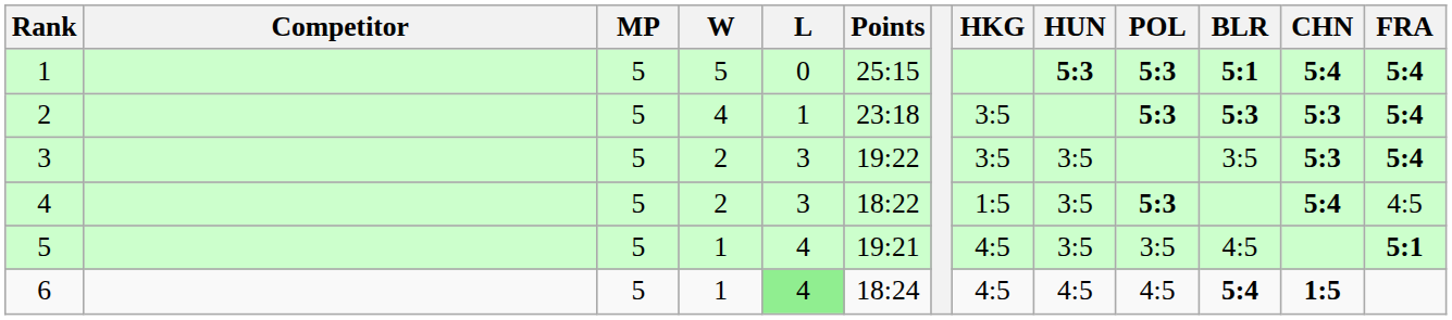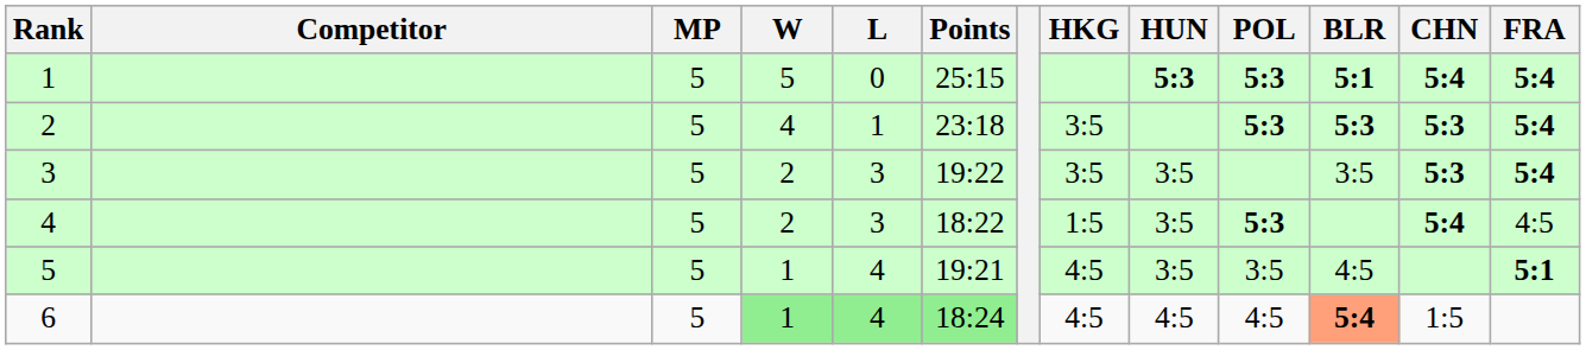 <table class="wikitable" style="text-align:center">
 <tr>
 <th>Rank</th>
 <th style="width:18em">Competitor</th>
 <th style="width:2.5em">MP</th>
 <th style="width:2.5em">W</th>
 <th style="width:2.5em">L</th>
 <th>Points</th>
 <th rowspan="7"> </th>
 <th style="width:2.5em">HKG</th>
 <th style="width:2.5em">HUN</th>
 <th style="width:2.5em">POL</th>
 <th style="width:2.5em">BLR</th>
 <th style="width:2.5em">CHN</th>
 <th style="width:2.5em">FRA</th>
 </tr>
 <tr style="background:#cfc;">
 <td>1</td>
 <td style="text-align:left"></td>
 <td>5</td>
 <td>5</td>
 <td>0</td>
 <td>25:15</td>
 <td></td>
 <td><strong>5:3</strong></td>
 <td><strong>5:3</strong></td>
 <td><strong>5:1</strong></td>
 <td><strong>5:4</strong></td>
 <td><strong>5:4</strong></td>
 </tr>
 <tr style="background:#cfc;">
 <td>2</td>
 <td style="text-align:left"></td>
 <td>5</td>
 <td>4</td>
 <td>1</td>
 <td>23:18</td>
 <td>3:5</td>
 <td></td>
 <td><strong>5:3</strong></td>
 <td><strong>5:3</strong></td>
 <td><strong>5:3</strong></td>
 <td><strong>5:4</strong></td>
 </tr>
 <tr style="background:#cfc;">
 <td>3</td>
 <td style="text-align:left"></td>
 <td>5</td>
 <td>2</td>
 <td>3</td>
 <td>19:22</td>
 <td>3:5</td>
 <td>3:5</td>
 <td></td>
 <td>3:5</td>
 <td><strong>5:3</strong></td>
 <td><strong>5:4</strong></td>
 </tr>
 <tr style="background:#cfc;">
 <td>4</td>
 <td style="text-align:left"></td>
 <td>5</td>
 <td>2</td>
 <td>3</td>
 <td>18:22</td>
 <td>1:5</td>
 <td>3:5</td>
 <td><strong>5:3</strong></td>
 <td></td>
 <td><strong>5:4</strong></td>
 <td>4:5</td>
 </tr>
 <tr style="background:#cfc;">
 <td>5</td>
 <td style="text-align:left"></td>
 <td>5</td>
 <td>1</td>
 <td>4</td>
 <td>19:21</td>
 <td>4:5</td>
 <td>3:5</td>
 <td>3:5</td>
 <td>4:5</td>
 <td></td>
 <td><strong>5:1</strong></td>
 </tr>
 <tr>
 <td>6</td>
 <td style="text-align:left"></td>
 <td>5</td>
-<td>1</td>
+<td style="background: lightgreen;">1</td>
 <td style="background: lightgreen;">4</td>
-<td>18:24</td>
+<td style="background: lightgreen;">18:24</td>
 <td>4:5</td>
 <td>4:5</td>
 <td>4:5</td>
-<td><strong>5:4</strong></td>
-<td><strong>1:5</strong></td>
+<td style="background: lightsalmon;"><strong>5:4</strong></td>
+<td>1:5</td>
 <td></td>
 </tr>
 </table>
